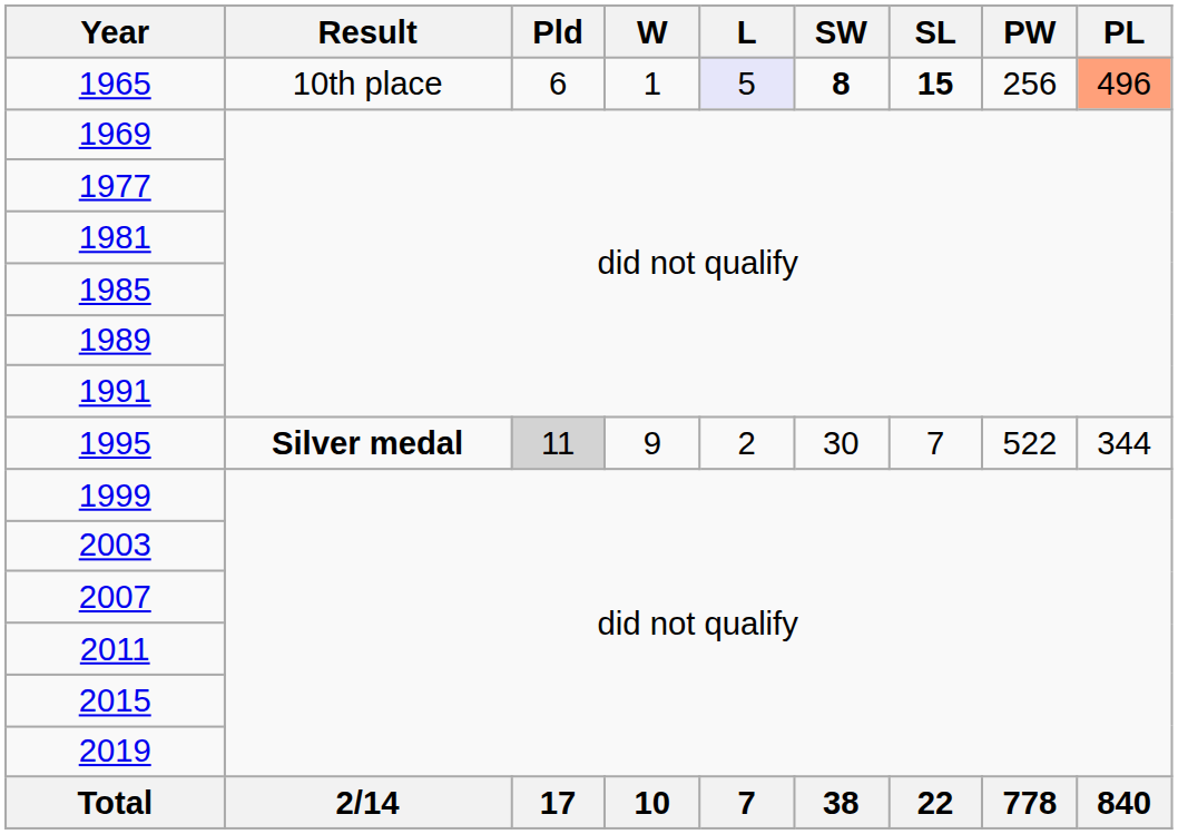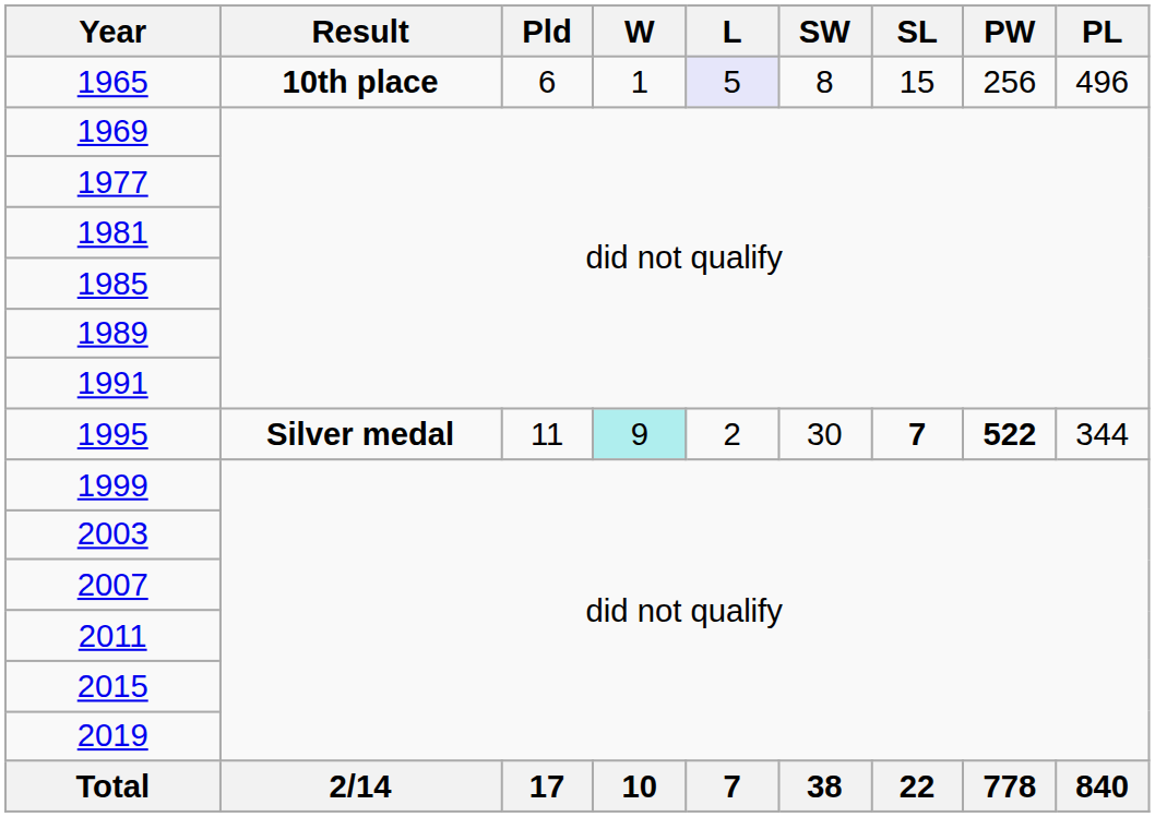 <table class="wikitable" style="text-align: center;font-size:90%;">
 <tr>
 <th width=90>Year</th>
 <th width=120>Result</th>
 <th width=35>Pld</th>
 <th width=35>W</th>
 <th width=35>L</th>
 <th width=35>SW</th>
 <th width=35>SL</th>
 <th width=35>PW</th>
 <th width=35>PL</th>
 </tr>
 <tr>
 <td> <a href='#'>1965</a></td>
-<td>10th place</td>
+<td><strong>10th place</strong></td>
 <td>6</td>
 <td>1</td>
 <td style="background: lavender;">5</td>
-<td><strong>8</strong></td>
-<td><strong>15</strong></td>
+<td>8</td>
+<td>15</td>
 <td>256</td>
-<td style="background: lightsalmon;">496</td>
+<td>496</td>
 </tr>
 <tr>
 <td> <a href='#'>1969</a></td>
 <td colspan=8 rowspan=6>did not qualify</td>
 </tr>
 <tr>
 <td> <a href='#'>1977</a></td>
 </tr>
 <tr>
 <td> <a href='#'>1981</a></td>
 </tr>
 <tr>
 <td> <a href='#'>1985</a></td>
 </tr>
 <tr>
 <td> <a href='#'>1989</a></td>
 </tr>
 <tr>
 <td> <a href='#'>1991</a></td>
 </tr>
 <tr>
 <td> <a href='#'>1995</a></td>
 <td> <strong>Silver medal</strong></td>
-<td style="background: lightgrey;">11</td>
-<td>9</td>
+<td>11</td>
+<td style="background: paleturquoise;">9</td>
 <td>2</td>
 <td>30</td>
-<td>7</td>
-<td>522</td>
+<td><strong>7</strong></td>
+<td><strong>522</strong></td>
 <td>344</td>
 </tr>
 <tr>
 <td> <a href='#'>1999</a></td>
 <td colspan=8 rowspan=6>did not qualify</td>
 </tr>
 <tr>
 <td> <a href='#'>2003</a></td>
 </tr>
 <tr>
 <td> <a href='#'>2007</a></td>
 </tr>
 <tr>
 <td> <a href='#'>2011</a></td>
 </tr>
 <tr>
 <td> <a href='#'>2015</a></td>
 </tr>
 <tr>
 <td> <a href='#'>2019</a></td>
 </tr>
 <tr>
 <th>Total</th>
 <th>2/14</th>
 <th>17</th>
 <th>10</th>
 <th>7</th>
 <th>38</th>
 <th>22</th>
 <th>778</th>
 <th>840</th>
 </tr>
 </table>
